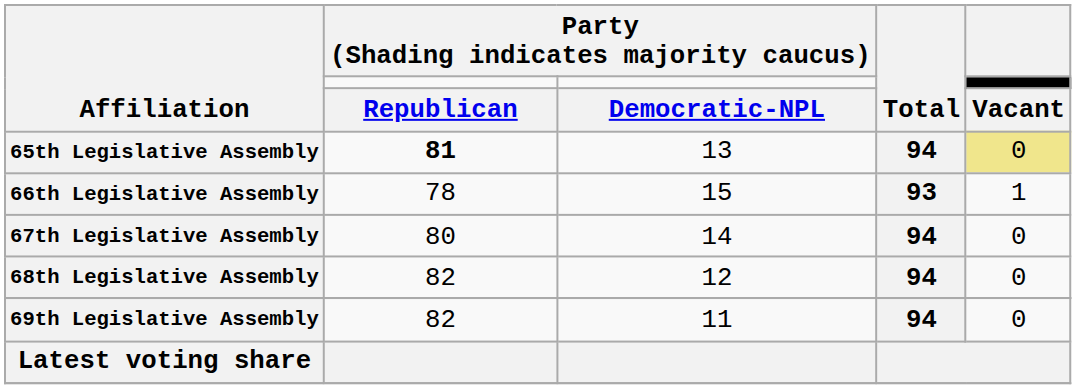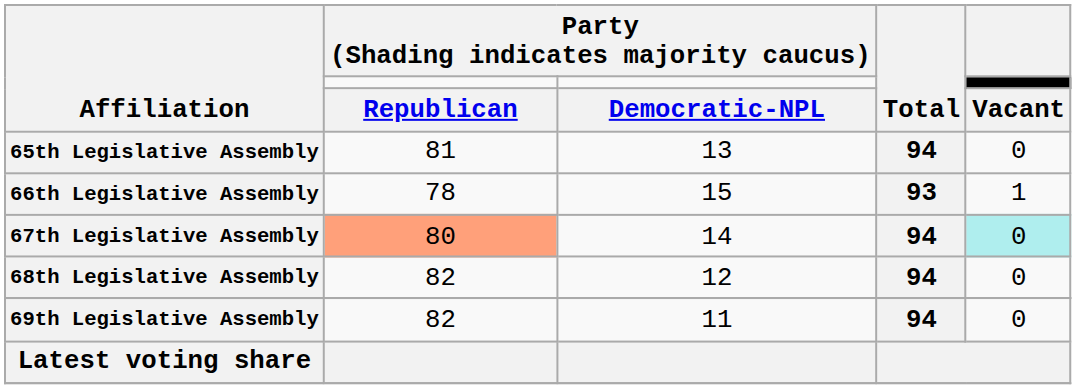 <table class=wikitable style="text-align:center">
 <tr style="vertical-align:bottom;">
 <th rowspan=3>Affiliation</th>
 <th colspan=2>Party <div>(Shading indicates majority caucus)</div></th>
 <th rowspan=3>Total</th>
 <th></th>
 </tr>
 <tr style="height:5px">
 <td style="background-color:"></td>
 <td style="background-color:"></td>
 <td style="background: black"></td>
 </tr>
 <tr>
 <th><a href='#'>Republican</a></th>
 <th><a href='#'>Democratic-NPL</a></th>
 <th>Vacant</th>
 </tr>
 <tr>
 <th scope="row" style="white-space:nowrap; font-size:80%">65th Legislative Assembly</th>
-<td><strong>81</strong></td>
+<td>81</td>
 <td>13</td>
 <th>94</th>
-<td style="background: khaki;">0</td>
+<td>0</td>
 </tr>
 <tr>
 <th scope="row" style="white-space:nowrap; font-size:80%">66th Legislative Assembly</th>
 <td>78</td>
 <td>15</td>
 <th>93</th>
 <td>1</td>
 </tr>
 <tr>
 <th scope="row" style="white-space:nowrap; font-size:80%">67th Legislative Assembly</th>
-<td>80</td>
+<td style="background: lightsalmon;">80</td>
 <td>14</td>
 <th>94</th>
-<td>0</td>
+<td style="background: paleturquoise;">0</td>
 </tr>
 <tr>
 <th scope="row" style="white-space:nowrap; font-size:80%">68th Legislative Assembly</th>
 <td>82</td>
 <td>12</td>
 <th>94</th>
 <td>0</td>
 </tr>
 <tr>
 </tr>
 <tr>
 <th scope="row" style="white-space:nowrap; font-size:80%">69th Legislative Assembly</th>
 <td>82</td>
 <td>11</td>
 <th>94</th>
 <td>0</td>
 </tr>
 <tr>
 <th scope="row">Latest voting share</th>
 <th></th>
 <th></th>
 <th colspan=2></th>
 </tr>
 <tr>
 </tr>
 </table>
